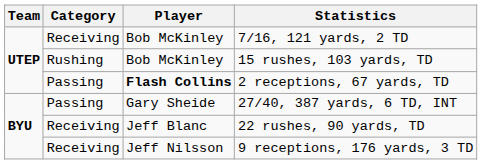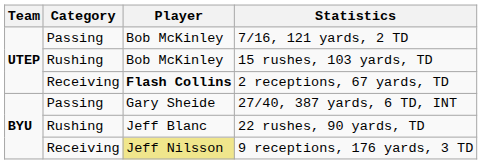 <table class="wikitable" style="float: left;">
 <tr>
 <th>Team</th>
 <th>Category</th>
 <th>Player</th>
 <th>Statistics</th>
 </tr>
 <tr>
 <td rowspan=3><strong>UTEP</strong></td>
-<td>Receiving</td>
+<td>Passing</td>
 <td>Bob McKinley</td>
 <td>7/16, 121 yards, 2 TD</td>
 </tr>
 <tr>
 <td>Rushing</td>
 <td>Bob McKinley</td>
 <td>15 rushes, 103 yards, TD</td>
 </tr>
 <tr>
-<td>Passing</td>
+<td>Receiving</td>
 <td><strong>Flash Collins</strong></td>
 <td>2 receptions, 67 yards, TD</td>
 </tr>
 <tr>
 <td rowspan=3><strong>BYU</strong></td>
 <td>Passing</td>
 <td>Gary Sheide</td>
 <td>27/40, 387 yards, 6 TD, INT</td>
 </tr>
 <tr>
-<td>Receiving</td>
+<td>Rushing</td>
 <td>Jeff Blanc</td>
 <td>22 rushes, 90 yards, TD</td>
 </tr>
 <tr>
 <td>Receiving</td>
-<td>Jeff Nilsson</td>
+<td style="background: khaki;">Jeff Nilsson</td>
 <td>9 receptions, 176 yards, 3 TD</td>
 </tr>
 </table>
